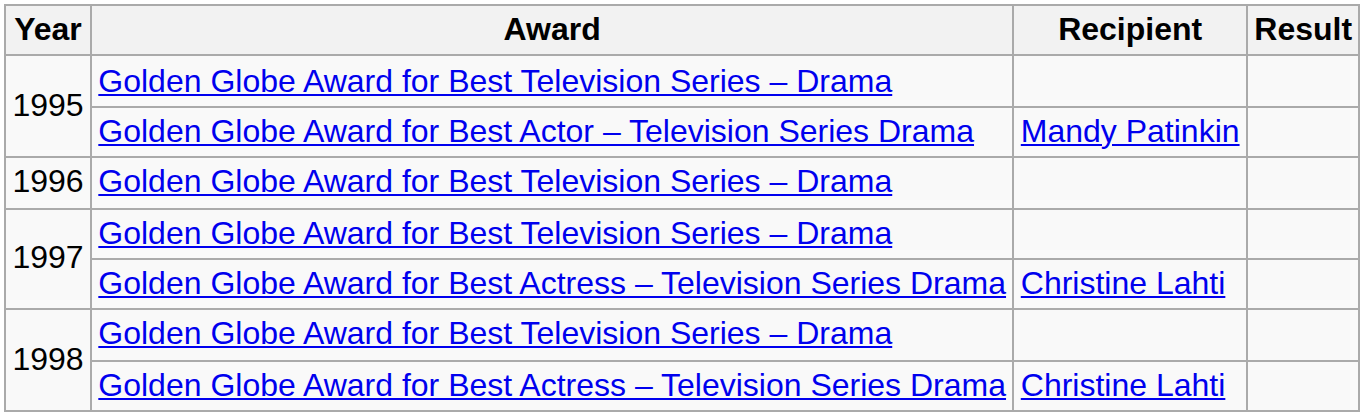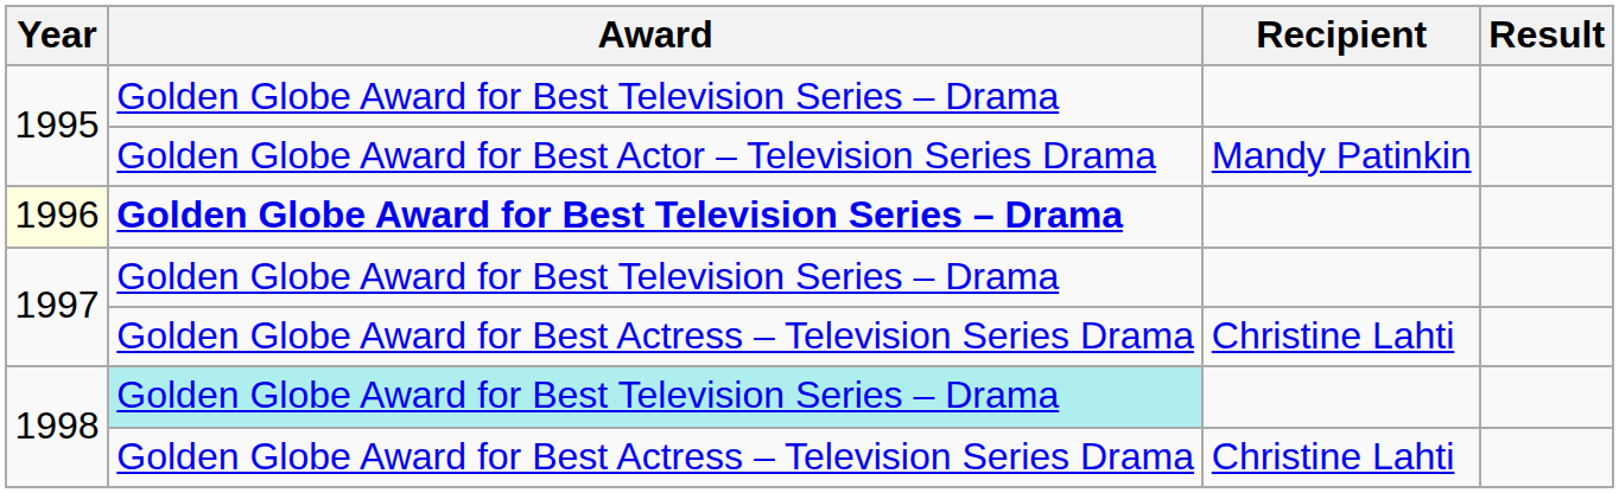 <table class="wikitable">
 <tr>
 <th>Year</th>
 <th>Award</th>
 <th>Recipient</th>
 <th>Result</th>
 </tr>
 <tr>
 <td rowspan=2>1995</td>
 <td><a href='#'>Golden Globe Award for Best Television Series – Drama</a></td>
 <td></td>
 <td></td>
 </tr>
 <tr>
 <td><a href='#'>Golden Globe Award for Best Actor – Television Series Drama</a></td>
 <td><a href='#'>Mandy Patinkin</a></td>
 <td></td>
 </tr>
 <tr>
-<td>1996</td>
-<td><a href='#'>Golden Globe Award for Best Television Series – Drama</a></td>
+<td style="background: lightyellow;">1996</td>
+<td><strong><a href='#'>Golden Globe Award for Best Television Series – Drama</a></strong></td>
 <td></td>
 <td></td>
 </tr>
 <tr>
 <td rowspan=2>1997</td>
 <td><a href='#'>Golden Globe Award for Best Television Series – Drama</a></td>
 <td></td>
 <td></td>
 </tr>
 <tr>
 <td><a href='#'>Golden Globe Award for Best Actress – Television Series Drama</a></td>
 <td><a href='#'>Christine Lahti</a></td>
 <td></td>
 </tr>
 <tr>
 <td rowspan=2>1998</td>
-<td><a href='#'>Golden Globe Award for Best Television Series – Drama</a></td>
+<td style="background: paleturquoise;"><a href='#'>Golden Globe Award for Best Television Series – Drama</a></td>
 <td></td>
 <td></td>
 </tr>
 <tr>
 <td><a href='#'>Golden Globe Award for Best Actress – Television Series Drama</a></td>
 <td><a href='#'>Christine Lahti</a></td>
 <td></td>
 </tr>
 </table>
